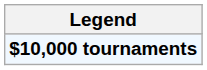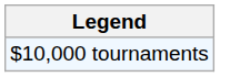 <table class="wikitable" style="font-size:85%;">
 <tr>
 <th>Legend</th>
 </tr>
 <tr style="background:#f0f8ff;">
-<td><strong>$10,000 tournaments</strong></td>
+<td>$10,000 tournaments</td>
 </tr>
 </table>
